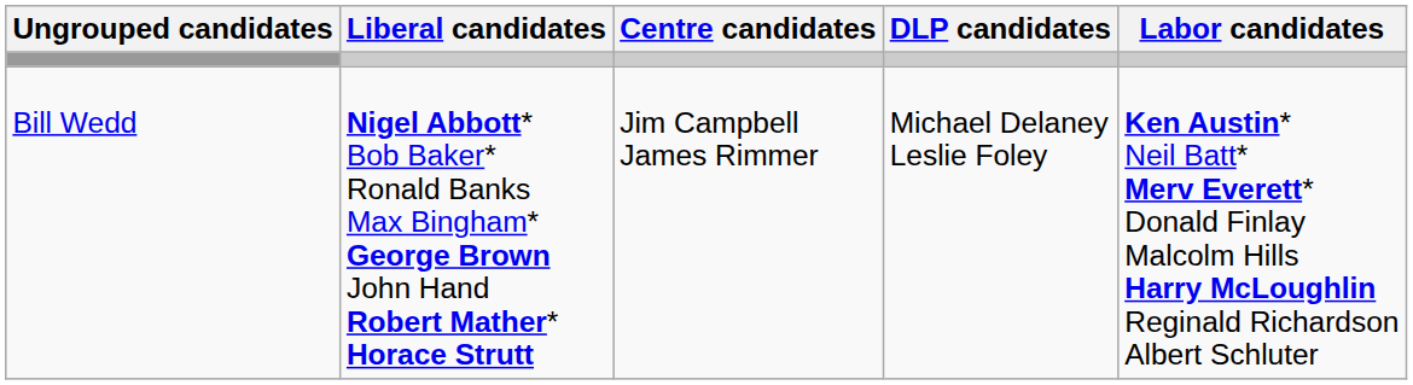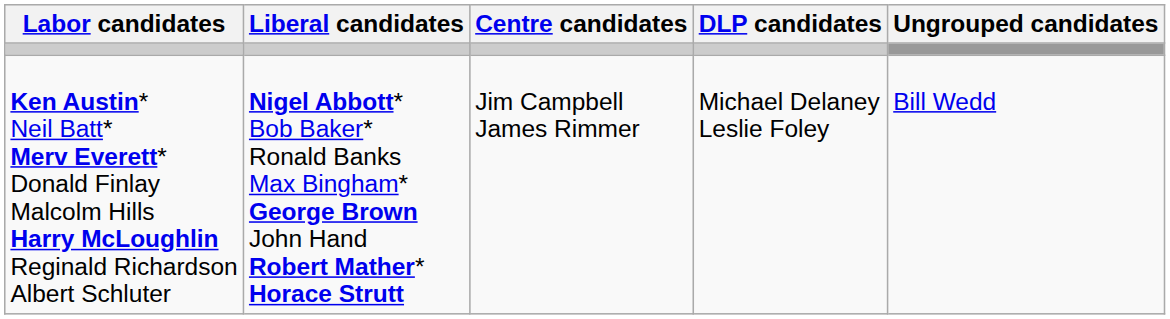 <table class="wikitable">
 <tr>
-<th>Ungrouped candidates</th>
+<th><a href='#'>Labor</a> candidates</th>
 <th><a href='#'>Liberal</a> candidates</th>
 <th><a href='#'>Centre</a> candidates</th>
 <th><a href='#'>DLP</a> candidates</th>
-<th><a href='#'>Labor</a> candidates</th>
+<th>Ungrouped candidates</th>
 </tr>
 <tr bgcolor="#cccccc">
-<td bgcolor="#999999"></td>
 <td></td>
 <td></td>
 <td></td>
 <td></td>
+<td bgcolor="#999999"></td>
 </tr>
 <tr>
-<td valign=top><br><a href='#'>Bill Wedd</a></td>
+<td><br><strong><a href='#'>Ken Austin</a></strong>*<br> <a href='#'>Neil Batt</a>*<br> <strong><a href='#'>Merv Everett</a></strong>*<br> Donald Finlay<br> Malcolm Hills<br> <strong><a href='#'>Harry McLoughlin</a></strong><br> Reginald Richardson<br> Albert Schluter</td>
 <td><br><strong><a href='#'>Nigel Abbott</a></strong>*<br> <a href='#'>Bob Baker</a>*<br> Ronald Banks<br> <a href='#'>Max Bingham</a>*<br> <strong><a href='#'>George Brown</a></strong><br> John Hand<br> <strong><a href='#'>Robert Mather</a></strong>*<br> <strong><a href='#'>Horace Strutt</a></strong></td>
 <td valign=top><br>Jim Campbell<br> James Rimmer</td>
 <td valign=top><br>Michael Delaney<br> Leslie Foley</td>
-<td><br><strong><a href='#'>Ken Austin</a></strong>*<br> <a href='#'>Neil Batt</a>*<br> <strong><a href='#'>Merv Everett</a></strong>*<br> Donald Finlay<br> Malcolm Hills<br> <strong><a href='#'>Harry McLoughlin</a></strong><br> Reginald Richardson<br> Albert Schluter</td>
+<td valign=top><br><a href='#'>Bill Wedd</a></td>
 </tr>
 </table>
